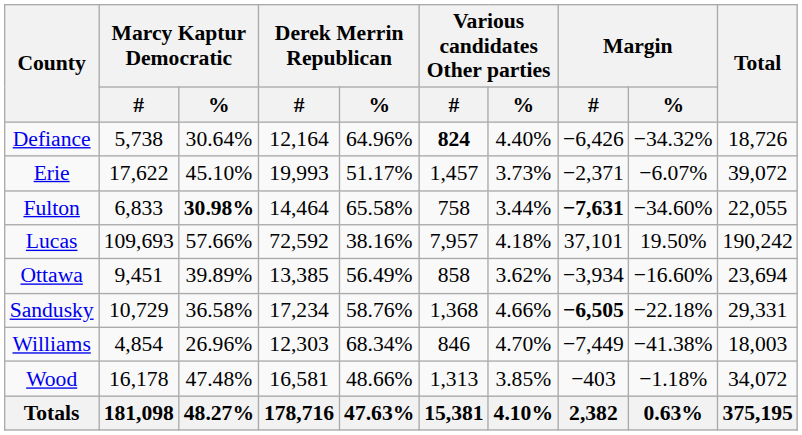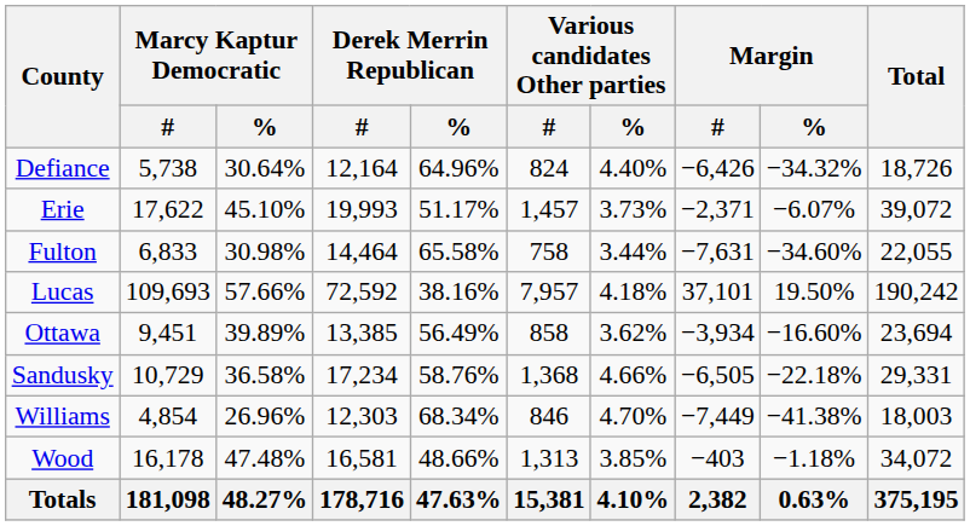 <table width="60%" class="wikitable sortable">
 <tr>
 <th rowspan="2">County</th>
 <th colspan="2">Marcy Kaptur<br>Democratic</th>
 <th colspan="2">Derek Merrin<br>Republican</th>
 <th colspan="2">Various candidates<br>Other parties</th>
 <th colspan="2">Margin</th>
 <th rowspan="2">Total</th>
 </tr>
 <tr>
 <th style="text-align:center;" data-sort-type="number">#</th>
 <th style="text-align:center;" data-sort-type="number">%</th>
 <th style="text-align:center;" data-sort-type="number">#</th>
 <th style="text-align:center;" data-sort-type="number">%</th>
 <th style="text-align:center;" data-sort-type="number">#</th>
 <th style="text-align:center;" data-sort-type="number">%</th>
 <th style="text-align:center;" data-sort-type="number">#</th>
 <th style="text-align:center;" data-sort-type="number">%</th>
 </tr>
 <tr style="text-align:center;">
 <td><a href='#'>Defiance</a></td>
 <td>5,738</td>
 <td>30.64%</td>
 <td>12,164</td>
 <td>64.96%</td>
-<td><strong>824</strong></td>
+<td>824</td>
 <td>4.40%</td>
 <td>−6,426</td>
 <td>−34.32%</td>
 <td>18,726</td>
 </tr>
 <tr style="text-align:center;">
 <td><a href='#'>Erie</a></td>
 <td>17,622</td>
 <td>45.10%</td>
 <td>19,993</td>
 <td>51.17%</td>
 <td>1,457</td>
 <td>3.73%</td>
 <td>−2,371</td>
 <td>−6.07%</td>
 <td>39,072</td>
 </tr>
 <tr style="text-align:center;">
 <td><a href='#'>Fulton</a></td>
 <td>6,833</td>
-<td><strong>30.98%</strong></td>
+<td>30.98%</td>
 <td>14,464</td>
 <td>65.58%</td>
 <td>758</td>
 <td>3.44%</td>
-<td><strong>−7,631</strong></td>
+<td>−7,631</td>
 <td>−34.60%</td>
 <td>22,055</td>
 </tr>
 <tr style="text-align:center;">
 <td><a href='#'>Lucas</a></td>
 <td>109,693</td>
 <td>57.66%</td>
 <td>72,592</td>
 <td>38.16%</td>
 <td>7,957</td>
 <td>4.18%</td>
 <td>37,101</td>
 <td>19.50%</td>
 <td>190,242</td>
 </tr>
 <tr style="text-align:center;">
 <td><a href='#'>Ottawa</a></td>
 <td>9,451</td>
 <td>39.89%</td>
 <td>13,385</td>
 <td>56.49%</td>
 <td>858</td>
 <td>3.62%</td>
 <td>−3,934</td>
 <td>−16.60%</td>
 <td>23,694</td>
 </tr>
 <tr style="text-align:center;">
 <td><a href='#'>Sandusky</a></td>
 <td>10,729</td>
 <td>36.58%</td>
 <td>17,234</td>
 <td>58.76%</td>
 <td>1,368</td>
 <td>4.66%</td>
-<td><strong>−6,505</strong></td>
+<td>−6,505</td>
 <td>−22.18%</td>
 <td>29,331</td>
 </tr>
 <tr style="text-align:center;">
 <td><a href='#'>Williams</a></td>
 <td>4,854</td>
 <td>26.96%</td>
 <td>12,303</td>
 <td>68.34%</td>
 <td>846</td>
 <td>4.70%</td>
 <td>−7,449</td>
 <td>−41.38%</td>
 <td>18,003</td>
 </tr>
 <tr style="text-align:center;">
 <td><a href='#'>Wood</a></td>
 <td>16,178</td>
 <td>47.48%</td>
 <td>16,581</td>
 <td>48.66%</td>
 <td>1,313</td>
 <td>3.85%</td>
 <td>−403</td>
 <td>−1.18%</td>
 <td>34,072</td>
 </tr>
 <tr style="text-align:center;">
 <th>Totals</th>
 <th>181,098</th>
 <th>48.27%</th>
 <th>178,716</th>
 <th>47.63%</th>
 <th>15,381</th>
 <th>4.10%</th>
 <th>2,382</th>
 <th>0.63%</th>
 <th>375,195</th>
 </tr>
 </table>
